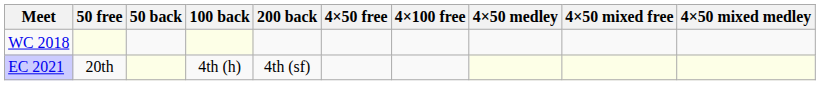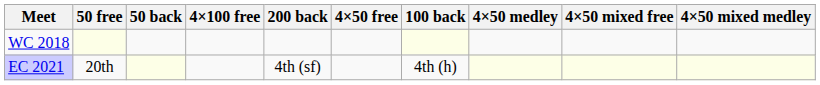 <table class="sortable wikitable">
 <tr>
 <th>Meet</th>
 <th class="unsortable">50 free</th>
 <th class="unsortable">50 back</th>
-<th class="unsortable">100 back</th>
+<th class="unsortable">4×100 free</th>
 <th class="unsortable">200 back</th>
 <th class="unsortable">4×50 free</th>
-<th class="unsortable">4×100 free</th>
+<th class="unsortable">100 back</th>
 <th class="unsortable">4×50 medley</th>
 <th class="unsortable">4×50 mixed free</th>
 <th class="unsortable">4×50 mixed medley</th>
 </tr>
 <tr>
 <td><a href='#'>WC 2018</a></td>
 <td style="background:#fdffe7"></td>
 <td align="center"></td>
-<td style="background:#fdffe7"></td>
 <td align="center"></td>
 <td align="center"></td>
 <td align="center"></td>
+<td style="background:#fdffe7"></td>
 <td align="center"></td>
 <td align="center"></td>
 <td align="center"></td>
 </tr>
 <tr>
 <td style="background:#ccccff"><a href='#'>EC 2021</a></td>
 <td align="center">20th</td>
 <td style="background:#fdffe7"></td>
-<td align="center">4th (h)</td>
+<td></td>
 <td align="center">4th (sf)</td>
 <td align="center"></td>
-<td></td>
+<td align="center">4th (h)</td>
 <td style="background:#fdffe7"></td>
 <td style="background:#fdffe7"></td>
 <td style="background:#fdffe7"></td>
 </tr>
 </table>
